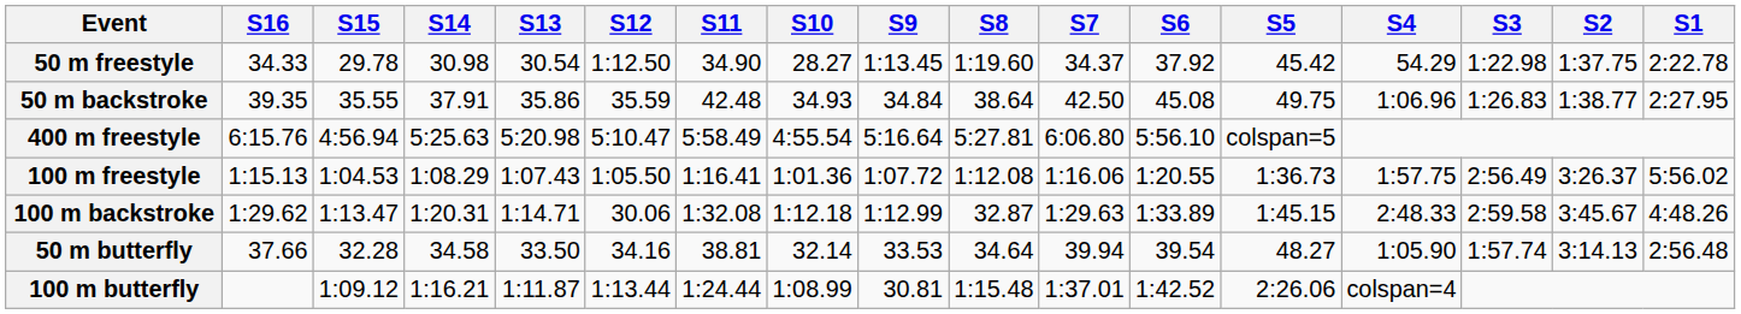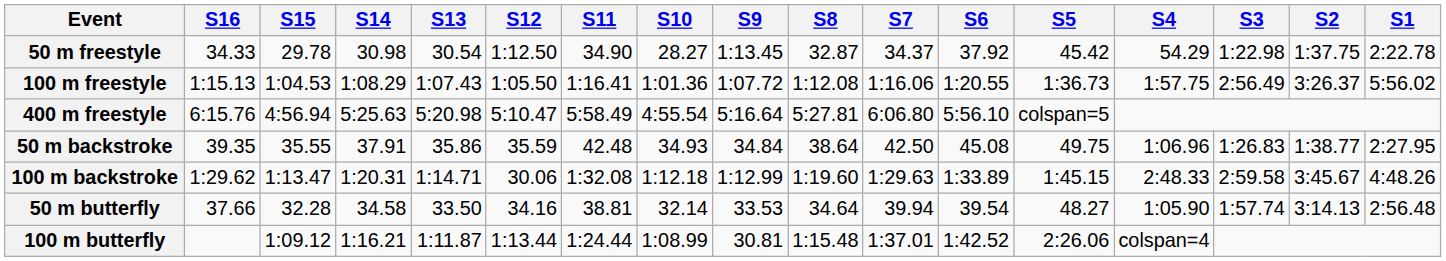 <table class="wikitable plainrowheaders" style="text-align:right">
 <tr>
 <th scope="col" style="width:138px;">Event</th>
 <th scope="col"><a href='#'>S16</a></th>
 <th scope="col"><a href='#'>S15</a></th>
 <th scope="col"><a href='#'>S14</a></th>
 <th scope="col"><a href='#'>S13</a></th>
 <th scope="col"><a href='#'>S12</a></th>
 <th scope="col"><a href='#'>S11</a></th>
 <th scope="col"><a href='#'>S10</a></th>
 <th scope="col"><a href='#'>S9</a></th>
 <th scope="col"><a href='#'>S8</a></th>
 <th scope="col"><a href='#'>S7</a></th>
 <th scope="col"><a href='#'>S6</a></th>
 <th scope="col"><a href='#'>S5</a></th>
 <th scope="col"><a href='#'>S4</a></th>
 <th scope="col"><a href='#'>S3</a></th>
 <th scope="col"><a href='#'>S2</a></th>
 <th scope="col"><a href='#'>S1</a></th>
 </tr>
 <tr>
 <th scope="row">50 m freestyle</th>
 <td>34.33</td>
 <td>29.78</td>
 <td>30.98</td>
 <td>30.54</td>
 <td>1:12.50</td>
 <td>34.90</td>
 <td>28.27</td>
 <td>1:13.45</td>
-<td>1:19.60</td>
+<td>32.87</td>
 <td>34.37</td>
 <td>37.92</td>
 <td>45.42</td>
 <td>54.29</td>
 <td>1:22.98</td>
 <td>1:37.75</td>
 <td>2:22.78</td>
+</tr>
+<tr>
+<th scope="row">100 m freestyle</th>
+<td>1:15.13</td>
+<td>1:04.53</td>
+<td>1:08.29</td>
+<td>1:07.43</td>
+<td>1:05.50</td>
+<td>1:16.41</td>
+<td>1:01.36</td>
+<td>1:07.72</td>
+<td>1:12.08</td>
+<td>1:16.06</td>
+<td>1:20.55</td>
+<td>1:36.73</td>
+<td>1:57.75</td>
+<td>2:56.49</td>
+<td>3:26.37</td>
+<td>5:56.02</td>
+</tr>
+<tr>
+<th scope="row">400 m freestyle</th>
+<td>6:15.76</td>
+<td>4:56.94</td>
+<td>5:25.63</td>
+<td>5:20.98</td>
+<td>5:10.47</td>
+<td>5:58.49</td>
+<td>4:55.54</td>
+<td>5:16.64</td>
+<td>5:27.81</td>
+<td>6:06.80</td>
+<td>5:56.10</td>
+<td>colspan=5 </td>
 </tr>
 <tr>
 <th scope="row">50 m backstroke</th>
 <td>39.35</td>
 <td>35.55</td>
 <td>37.91</td>
 <td>35.86</td>
 <td>35.59</td>
 <td>42.48</td>
 <td>34.93</td>
 <td>34.84</td>
 <td>38.64</td>
 <td>42.50</td>
 <td>45.08</td>
 <td>49.75</td>
 <td>1:06.96</td>
 <td>1:26.83</td>
 <td>1:38.77</td>
 <td>2:27.95</td>
 </tr>
 <tr>
-<th scope="row">400 m freestyle</th>
-<td>6:15.76</td>
-<td>4:56.94</td>
-<td>5:25.63</td>
-<td>5:20.98</td>
-<td>5:10.47</td>
-<td>5:58.49</td>
-<td>4:55.54</td>
-<td>5:16.64</td>
-<td>5:27.81</td>
-<td>6:06.80</td>
-<td>5:56.10</td>
-<td>colspan=5 </td>
-</tr>
-<tr>
-<th scope="row">100 m freestyle</th>
-<td>1:15.13</td>
-<td>1:04.53</td>
-<td>1:08.29</td>
-<td>1:07.43</td>
-<td>1:05.50</td>
-<td>1:16.41</td>
-<td>1:01.36</td>
-<td>1:07.72</td>
-<td>1:12.08</td>
-<td>1:16.06</td>
-<td>1:20.55</td>
-<td>1:36.73</td>
-<td>1:57.75</td>
-<td>2:56.49</td>
-<td>3:26.37</td>
-<td>5:56.02</td>
-</tr>
-<tr>
 <th scope="row">100 m backstroke</th>
 <td>1:29.62</td>
 <td>1:13.47</td>
 <td>1:20.31</td>
 <td>1:14.71</td>
 <td>30.06</td>
 <td>1:32.08</td>
 <td>1:12.18</td>
 <td>1:12.99</td>
-<td>32.87</td>
+<td>1:19.60</td>
 <td>1:29.63</td>
 <td>1:33.89</td>
 <td>1:45.15</td>
 <td>2:48.33</td>
 <td>2:59.58</td>
 <td>3:45.67</td>
 <td>4:48.26</td>
 </tr>
 <tr>
 <th scope="row">50 m butterfly</th>
 <td>37.66</td>
 <td>32.28</td>
 <td>34.58</td>
 <td>33.50</td>
 <td>34.16</td>
 <td>38.81</td>
 <td>32.14</td>
 <td>33.53</td>
 <td>34.64</td>
 <td>39.94</td>
 <td>39.54</td>
 <td>48.27</td>
 <td>1:05.90</td>
 <td>1:57.74</td>
 <td>3:14.13</td>
 <td>2:56.48</td>
 </tr>
 <tr>
 <th scope="row">100 m butterfly</th>
 <td></td>
 <td>1:09.12</td>
 <td>1:16.21</td>
 <td>1:11.87</td>
 <td>1:13.44</td>
 <td>1:24.44</td>
 <td>1:08.99</td>
 <td>30.81</td>
 <td>1:15.48</td>
 <td>1:37.01</td>
 <td>1:42.52</td>
 <td>2:26.06</td>
 <td>colspan=4 </td>
 </tr>
 </table>
